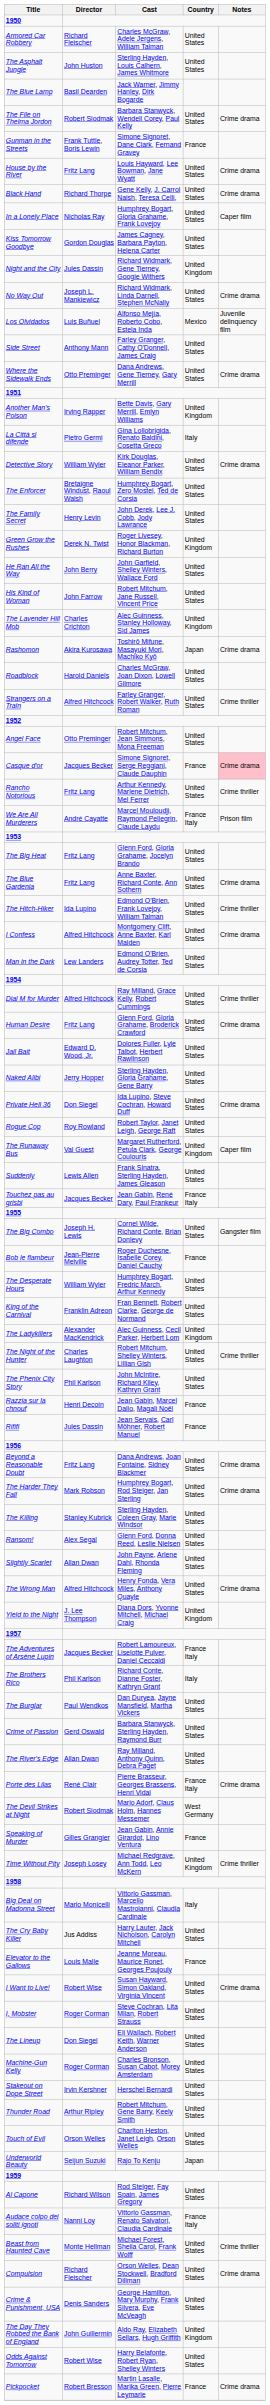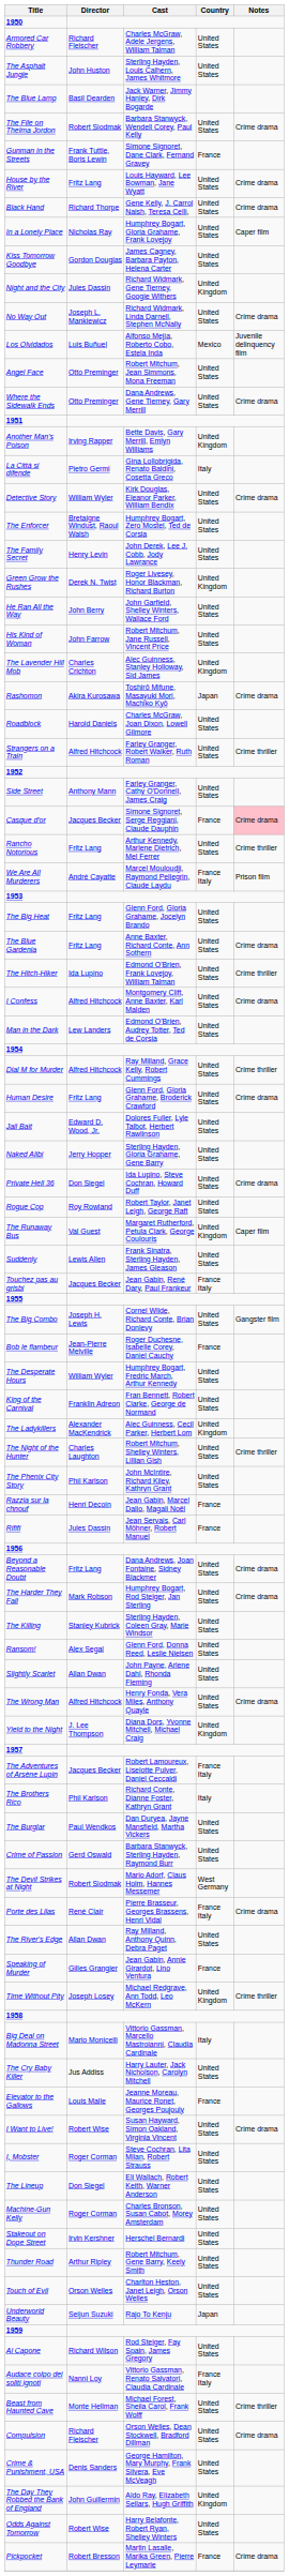 <table class="wikitable">
 <tr>
 <th>Title</th>
 <th>Director</th>
 <th>Cast</th>
 <th>Country</th>
 <th>Notes</th>
 </tr>
 <tr>
 <td><strong><a href='#'>1950</a></strong></td>
 </tr>
 <tr>
 <td><em><a href='#'>Armored Car Robbery</a></em></td>
 <td><a href='#'>Richard Fleischer</a></td>
 <td><a href='#'>Charles McGraw</a>, <a href='#'>Adele Jergens</a>, <a href='#'>William Talman</a></td>
 <td>United States</td>
 <td></td>
 </tr>
 <tr>
 <td><em><a href='#'>The Asphalt Jungle</a></em></td>
 <td><a href='#'>John Huston</a></td>
 <td><a href='#'>Sterling Hayden</a>, <a href='#'>Louis Calhern</a>, <a href='#'>James Whitmore</a></td>
 <td>United States</td>
 <td></td>
 </tr>
 <tr>
 <td><em><a href='#'>The Blue Lamp</a></em></td>
 <td><a href='#'>Basil Dearden</a></td>
 <td><a href='#'>Jack Warner</a>, <a href='#'>Jimmy Hanley</a>, <a href='#'>Dirk Bogarde</a></td>
 <td></td>
 <td></td>
 </tr>
 <tr>
 <td><em><a href='#'>The File on Thelma Jordon</a></em></td>
 <td><a href='#'>Robert Siodmak</a></td>
 <td><a href='#'>Barbara Stanwyck</a>, <a href='#'>Wendell Corey</a>, <a href='#'>Paul Kelly</a></td>
 <td>United States</td>
 <td>Crime drama</td>
 </tr>
 <tr>
 <td><em><a href='#'>Gunman in the Streets</a></em></td>
 <td><a href='#'>Frank Tuttle</a>, <a href='#'>Boris Lewin</a></td>
 <td><a href='#'>Simone Signoret</a>, <a href='#'>Dane Clark</a>, <a href='#'>Fernand Gravey</a></td>
 <td>France</td>
 <td></td>
 </tr>
 <tr>
 <td><em><a href='#'>House by the River</a></em></td>
 <td><a href='#'>Fritz Lang</a></td>
 <td><a href='#'>Louis Hayward</a>, <a href='#'>Lee Bowman</a>, <a href='#'>Jane Wyatt</a></td>
 <td>United States</td>
 <td>Crime drama</td>
 </tr>
 <tr>
 <td><em><a href='#'>Black Hand</a></em></td>
 <td><a href='#'>Richard Thorpe</a></td>
 <td><a href='#'>Gene Kelly</a>, <a href='#'>J. Carrol Naish</a>, <a href='#'>Teresa Celli</a>,</td>
 <td>United States</td>
 <td>Crime drama</td>
 </tr>
 <tr>
 <td><em><a href='#'>In a Lonely Place</a></em></td>
 <td><a href='#'>Nicholas Ray</a></td>
 <td><a href='#'>Humphrey Bogart</a>, <a href='#'>Gloria Grahame</a>, <a href='#'>Frank Lovejoy</a></td>
 <td>United States</td>
 <td>Caper film</td>
 </tr>
 <tr>
 <td><em><a href='#'>Kiss Tomorrow Goodbye</a></em></td>
 <td><a href='#'>Gordon Douglas</a></td>
 <td><a href='#'>James Cagney</a>, <a href='#'>Barbara Payton</a>, <a href='#'>Helena Carter</a></td>
 <td>United States</td>
 <td></td>
 </tr>
 <tr>
 <td><em><a href='#'>Night and the City</a></em></td>
 <td><a href='#'>Jules Dassin</a></td>
 <td><a href='#'>Richard Widmark</a>, <a href='#'>Gene Tierney</a>, <a href='#'>Googie Withers</a></td>
 <td>United Kingdom</td>
 <td></td>
 </tr>
 <tr>
 <td><em><a href='#'>No Way Out</a></em></td>
 <td><a href='#'>Joseph L. Mankiewicz</a></td>
 <td><a href='#'>Richard Widmark</a>, <a href='#'>Linda Darnell</a>, <a href='#'>Stephen McNally</a></td>
 <td>United States</td>
 <td>Crime drama</td>
 </tr>
 <tr>
 <td><em><a href='#'>Los Olvidados</a></em></td>
 <td><a href='#'>Luis Buñuel</a></td>
 <td><a href='#'>Alfonso Mejía</a>, <a href='#'>Roberto Cobo</a>, <a href='#'>Estela Inda</a></td>
 <td>Mexico</td>
 <td>Juvenile delinquency film</td>
 </tr>
 <tr>
-<td><em><a href='#'>Side Street</a></em></td>
-<td><a href='#'>Anthony Mann</a></td>
-<td><a href='#'>Farley Granger</a>, <a href='#'>Cathy O'Donnell</a>, <a href='#'>James Craig</a></td>
+<td><em><a href='#'>Angel Face</a></em></td>
+<td><a href='#'>Otto Preminger</a></td>
+<td><a href='#'>Robert Mitchum</a>, <a href='#'>Jean Simmons</a>, <a href='#'>Mona Freeman</a></td>
 <td>United States</td>
 <td></td>
 </tr>
 <tr>
 <td><em><a href='#'>Where the Sidewalk Ends</a></em></td>
 <td><a href='#'>Otto Preminger</a></td>
 <td><a href='#'>Dana Andrews</a>, <a href='#'>Gene Tierney</a>, <a href='#'>Gary Merrill</a></td>
 <td>United States</td>
 <td>Crime drama</td>
 </tr>
 <tr>
 <td><strong><a href='#'>1951</a></strong></td>
 </tr>
 <tr>
 <td><em><a href='#'>Another Man's Poison</a></em></td>
 <td><a href='#'>Irving Rapper</a></td>
 <td><a href='#'>Bette Davis</a>, <a href='#'>Gary Merrill</a>, <a href='#'>Emlyn Williams</a></td>
 <td>United Kingdom</td>
 <td></td>
 </tr>
 <tr>
 <td><em><a href='#'>La Città si difende</a></em></td>
 <td><a href='#'>Pietro Germi</a></td>
 <td><a href='#'>Gina Lollobrigida</a>, <a href='#'>Renato Baldini</a>, <a href='#'>Cosetta Greco</a></td>
 <td>Italy</td>
 <td></td>
 </tr>
 <tr>
 <td><em><a href='#'>Detective Story</a></em></td>
 <td><a href='#'>William Wyler</a></td>
 <td><a href='#'>Kirk Douglas</a>, <a href='#'>Eleanor Parker</a>, <a href='#'>William Bendix</a></td>
 <td>United States</td>
 <td>Crime drama</td>
 </tr>
 <tr>
 <td><em><a href='#'>The Enforcer</a></em></td>
 <td><a href='#'>Bretaigne Windust</a>, <a href='#'>Raoul Walsh</a></td>
 <td><a href='#'>Humphrey Bogart</a>, <a href='#'>Zero Mostel</a>, <a href='#'>Ted de Corsia</a></td>
 <td>United States</td>
 <td></td>
 </tr>
 <tr>
 <td><em><a href='#'>The Family Secret</a></em></td>
 <td><a href='#'>Henry Levin</a></td>
 <td><a href='#'>John Derek</a>, <a href='#'>Lee J. Cobb</a>, <a href='#'>Jody Lawrance</a></td>
 <td>United States</td>
 <td></td>
 </tr>
 <tr>
 <td><em><a href='#'>Green Grow the Rushes</a></em></td>
 <td><a href='#'>Derek N. Twist</a></td>
 <td><a href='#'>Roger Livesey</a>, <a href='#'>Honor Blackman</a>, <a href='#'>Richard Burton</a></td>
 <td>United Kingdom</td>
 <td></td>
 </tr>
 <tr>
 <td><em><a href='#'>He Ran All the Way</a></em></td>
 <td><a href='#'>John Berry</a></td>
 <td><a href='#'>John Garfield</a>, <a href='#'>Shelley Winters</a>, <a href='#'>Wallace Ford</a></td>
 <td>United States</td>
 <td></td>
 </tr>
 <tr>
 <td><em><a href='#'>His Kind of Woman</a></em></td>
 <td><a href='#'>John Farrow</a></td>
 <td><a href='#'>Robert Mitchum</a>, <a href='#'>Jane Russell</a>, <a href='#'>Vincent Price</a></td>
 <td>United States</td>
 <td></td>
 </tr>
 <tr>
 <td><em><a href='#'>The Lavender Hill Mob</a></em></td>
 <td><a href='#'>Charles Crichton</a></td>
 <td><a href='#'>Alec Guinness</a>, <a href='#'>Stanley Holloway</a>, <a href='#'>Sid James</a></td>
 <td>United Kingdom</td>
 <td></td>
 </tr>
 <tr>
 <td><em><a href='#'>Rashomon</a></em></td>
 <td><a href='#'>Akira Kurosawa</a></td>
 <td><a href='#'>Toshirō Mifune</a>, <a href='#'>Masayuki Mori</a>, <a href='#'>Machiko Kyō</a></td>
 <td>Japan</td>
 <td>Crime drama</td>
 </tr>
 <tr>
 <td><em><a href='#'>Roadblock</a></em></td>
 <td><a href='#'>Harold Daniels</a></td>
 <td><a href='#'>Charles McGraw</a>, <a href='#'>Joan Dixon</a>, <a href='#'>Lowell Gilmore</a></td>
 <td>United States</td>
 <td></td>
 </tr>
 <tr>
 <td><em><a href='#'>Strangers on a Train</a></em></td>
 <td><a href='#'>Alfred Hitchcock</a></td>
 <td><a href='#'>Farley Granger</a>, <a href='#'>Robert Walker</a>, <a href='#'>Ruth Roman</a></td>
 <td>United States</td>
 <td>Crime thriller</td>
 </tr>
 <tr>
 <td><strong><a href='#'>1952</a></strong></td>
 </tr>
 <tr>
-<td><em><a href='#'>Angel Face</a></em></td>
-<td><a href='#'>Otto Preminger</a></td>
-<td><a href='#'>Robert Mitchum</a>, <a href='#'>Jean Simmons</a>, <a href='#'>Mona Freeman</a></td>
+<td><em><a href='#'>Side Street</a></em></td>
+<td><a href='#'>Anthony Mann</a></td>
+<td><a href='#'>Farley Granger</a>, <a href='#'>Cathy O'Donnell</a>, <a href='#'>James Craig</a></td>
 <td>United States</td>
 <td></td>
 </tr>
 <tr>
 <td><em><a href='#'>Casque d'or</a></em></td>
 <td><a href='#'>Jacques Becker</a></td>
 <td><a href='#'>Simone Signoret</a>, <a href='#'>Serge Reggiani</a>, <a href='#'>Claude Dauphin</a></td>
 <td>France</td>
 <td style="background: pink;">Crime drama</td>
 </tr>
 <tr>
 <td><em><a href='#'>Rancho Notorious</a></em></td>
 <td><a href='#'>Fritz Lang</a></td>
 <td><a href='#'>Arthur Kennedy</a>, <a href='#'>Marlene Dietrich</a>, <a href='#'>Mel Ferrer</a></td>
 <td>United States</td>
 <td>Crime thriller</td>
 </tr>
 <tr>
 <td><em><a href='#'>We Are All Murderers</a></em></td>
 <td><a href='#'>André Cayatte</a></td>
 <td><a href='#'>Marcel Mouloudji</a>, <a href='#'>Raymond Pellegrin</a>, <a href='#'>Claude Laydu</a></td>
 <td>France<br>Italy</td>
 <td>Prison film</td>
 </tr>
 <tr>
 <td><strong><a href='#'>1953</a></strong></td>
 </tr>
 <tr>
 <td><em><a href='#'>The Big Heat</a></em></td>
 <td><a href='#'>Fritz Lang</a></td>
 <td><a href='#'>Glenn Ford</a>, <a href='#'>Gloria Grahame</a>, <a href='#'>Jocelyn Brando</a></td>
 <td>United States</td>
 <td></td>
 </tr>
 <tr>
 <td><em><a href='#'>The Blue Gardenia</a></em></td>
 <td><a href='#'>Fritz Lang</a></td>
 <td><a href='#'>Anne Baxter</a>, <a href='#'>Richard Conte</a>, <a href='#'>Ann Sothern</a></td>
 <td>United States</td>
 <td>Crime drama</td>
 </tr>
 <tr>
 <td><em><a href='#'>The Hitch-Hiker</a></em></td>
 <td><a href='#'>Ida Lupino</a></td>
 <td><a href='#'>Edmond O'Brien</a>, <a href='#'>Frank Lovejoy</a>, <a href='#'>William Talman</a></td>
 <td>United States</td>
 <td>Crime thriller</td>
 </tr>
 <tr>
 <td><em><a href='#'>I Confess</a></em></td>
 <td><a href='#'>Alfred Hitchcock</a></td>
 <td><a href='#'>Montgomery Clift</a>, <a href='#'>Anne Baxter</a>, <a href='#'>Karl Malden</a></td>
 <td>United States</td>
 <td>Crime drama</td>
 </tr>
 <tr>
 <td><em><a href='#'>Man in the Dark</a></em></td>
 <td><a href='#'>Lew Landers</a></td>
 <td><a href='#'>Edmond O'Brien</a>, <a href='#'>Audrey Totter</a>, <a href='#'>Ted de Corsia</a></td>
 <td>United States</td>
 <td></td>
 </tr>
 <tr>
 <td><strong><a href='#'>1954</a></strong></td>
 </tr>
 <tr>
 <td><em><a href='#'>Dial M for Murder</a></em></td>
 <td><a href='#'>Alfred Hitchcock</a></td>
 <td><a href='#'>Ray Milland</a>, <a href='#'>Grace Kelly</a>, <a href='#'>Robert Cummings</a></td>
 <td>United States</td>
 <td>Crime thriller</td>
 </tr>
 <tr>
 <td><em><a href='#'>Human Desire</a></em></td>
 <td><a href='#'>Fritz Lang</a></td>
 <td><a href='#'>Glenn Ford</a>, <a href='#'>Gloria Grahame</a>, <a href='#'>Broderick Crawford</a></td>
 <td>United States</td>
 <td>Crime drama</td>
 </tr>
 <tr>
 <td><em><a href='#'>Jail Bait</a></em></td>
 <td><a href='#'>Edward D. Wood, Jr.</a></td>
 <td><a href='#'>Dolores Fuller</a>, <a href='#'>Lyle Talbot</a>, <a href='#'>Herbert Rawlinson</a></td>
 <td>United States</td>
 <td></td>
 </tr>
 <tr>
 <td><em><a href='#'>Naked Alibi</a></em></td>
 <td><a href='#'>Jerry Hopper</a></td>
 <td><a href='#'>Sterling Hayden</a>, <a href='#'>Gloria Grahame</a>, <a href='#'>Gene Barry</a></td>
 <td>United States</td>
 <td></td>
 </tr>
 <tr>
 <td><em><a href='#'>Private Hell 36</a></em></td>
 <td><a href='#'>Don Siegel</a></td>
 <td><a href='#'>Ida Lupino</a>, <a href='#'>Steve Cochran</a>, <a href='#'>Howard Duff</a></td>
 <td>United States</td>
 <td>Crime drama</td>
 </tr>
 <tr>
 <td><em><a href='#'>Rogue Cop</a></em></td>
 <td><a href='#'>Roy Rowland</a></td>
 <td><a href='#'>Robert Taylor</a>, <a href='#'>Janet Leigh</a>, <a href='#'>George Raft</a></td>
 <td>United States</td>
 <td></td>
 </tr>
 <tr>
 <td><em><a href='#'>The Runaway Bus</a></em></td>
 <td><a href='#'>Val Guest</a></td>
 <td><a href='#'>Margaret Rutherford</a>, <a href='#'>Petula Clark</a>, <a href='#'>George Coulouris</a></td>
 <td>United Kingdom</td>
 <td>Caper film</td>
 </tr>
 <tr>
 <td><em><a href='#'>Suddenly</a></em></td>
 <td><a href='#'>Lewis Allen</a></td>
 <td><a href='#'>Frank Sinatra</a>, <a href='#'>Sterling Hayden</a>, <a href='#'>James Gleason</a></td>
 <td>United States</td>
 <td></td>
 </tr>
 <tr>
 <td><em><a href='#'>Touchez pas au grisbi</a></em></td>
 <td><a href='#'>Jacques Becker</a></td>
 <td><a href='#'>Jean Gabin</a>, <a href='#'>René Dary</a>, <a href='#'>Paul Frankeur</a></td>
 <td>France<br>Italy</td>
 <td></td>
 </tr>
 <tr>
 <td><strong><a href='#'>1955</a></strong></td>
 </tr>
 <tr>
 <td><em><a href='#'>The Big Combo</a></em></td>
 <td><a href='#'>Joseph H. Lewis</a></td>
 <td><a href='#'>Cornel Wilde</a>, <a href='#'>Richard Conte</a>, <a href='#'>Brian Donlevy</a></td>
 <td>United States</td>
 <td>Gangster film</td>
 </tr>
 <tr>
 <td><em><a href='#'>Bob le flambeur</a></em></td>
 <td><a href='#'>Jean-Pierre Melville</a></td>
 <td><a href='#'>Roger Duchesne</a>, <a href='#'>Isabelle Corey</a>, <a href='#'>Daniel Cauchy</a></td>
 <td>France</td>
 <td></td>
 </tr>
 <tr>
 <td><em><a href='#'>The Desperate Hours</a></em></td>
 <td><a href='#'>William Wyler</a></td>
 <td><a href='#'>Humphrey Bogart</a>, <a href='#'>Fredric March</a>, <a href='#'>Arthur Kennedy</a></td>
 <td>United States</td>
 <td></td>
 </tr>
 <tr>
 <td><em><a href='#'>King of the Carnival</a></em></td>
 <td><a href='#'>Franklin Adreon</a></td>
 <td><a href='#'>Fran Bennett</a>, <a href='#'>Robert Clarke</a>, <a href='#'>George de Normand</a></td>
 <td>United States</td>
 <td></td>
 </tr>
 <tr>
 <td><em><a href='#'>The Ladykillers</a></em></td>
 <td><a href='#'>Alexander MacKendrick</a></td>
 <td><a href='#'>Alec Guinness</a>, <a href='#'>Cecil Parker</a>, <a href='#'>Herbert Lom</a></td>
 <td>United Kingdom</td>
 <td></td>
 </tr>
 <tr>
 <td><em><a href='#'>The Night of the Hunter</a></em></td>
 <td><a href='#'>Charles Laughton</a></td>
 <td><a href='#'>Robert Mitchum</a>, <a href='#'>Shelley Winters</a>, <a href='#'>Lillian Gish</a></td>
 <td>United States</td>
 <td>Crime thriller</td>
 </tr>
 <tr>
 <td><em><a href='#'>The Phenix City Story</a></em></td>
 <td><a href='#'>Phil Karlson</a></td>
 <td><a href='#'>John McIntire</a>, <a href='#'>Richard Kiley</a>, <a href='#'>Kathryn Grant</a></td>
 <td>United States</td>
 <td></td>
 </tr>
 <tr>
 <td><em><a href='#'>Razzia sur la chnouf</a></em></td>
 <td><a href='#'>Henri Decoin</a></td>
 <td><a href='#'>Jean Gabin</a>, <a href='#'>Marcel Dalio</a>, <a href='#'>Magali Noël</a></td>
 <td>France</td>
 <td></td>
 </tr>
 <tr>
 <td><em><a href='#'>Rififi</a></em></td>
 <td><a href='#'>Jules Dassin</a></td>
 <td><a href='#'>Jean Servais</a>, <a href='#'>Carl Möhner</a>, <a href='#'>Robert Manuel</a></td>
 <td>France</td>
 <td></td>
 </tr>
 <tr>
 <td><strong><a href='#'>1956</a></strong></td>
 </tr>
 <tr>
 <td><em><a href='#'>Beyond a Reasonable Doubt</a></em></td>
 <td><a href='#'>Fritz Lang</a></td>
 <td><a href='#'>Dana Andrews</a>, <a href='#'>Joan Fontaine</a>, <a href='#'>Sidney Blackmer</a></td>
 <td>United States</td>
 <td>Crime drama</td>
 </tr>
 <tr>
 <td><em><a href='#'>The Harder They Fall</a></em></td>
 <td><a href='#'>Mark Robson</a></td>
 <td><a href='#'>Humphrey Bogart</a>, <a href='#'>Rod Steiger</a>, <a href='#'>Jan Sterling</a></td>
 <td>United States</td>
 <td>Crime drama</td>
 </tr>
 <tr>
 <td><em><a href='#'>The Killing</a></em></td>
 <td><a href='#'>Stanley Kubrick</a></td>
 <td><a href='#'>Sterling Hayden</a>, <a href='#'>Coleen Gray</a>, <a href='#'>Marie Windsor</a></td>
 <td>United States</td>
 <td></td>
 </tr>
 <tr>
 <td><em><a href='#'>Ransom!</a></em></td>
 <td><a href='#'>Alex Segal</a></td>
 <td><a href='#'>Glenn Ford</a>, <a href='#'>Donna Reed</a>, <a href='#'>Leslie Nielsen</a></td>
 <td>United States</td>
 <td></td>
 </tr>
 <tr>
 <td><em><a href='#'>Slightly Scarlet</a></em></td>
 <td><a href='#'>Allan Dwan</a></td>
 <td><a href='#'>John Payne</a>, <a href='#'>Arlene Dahl</a>, <a href='#'>Rhonda Fleming</a></td>
 <td>United States</td>
 <td></td>
 </tr>
 <tr>
 <td><em><a href='#'>The Wrong Man</a></em></td>
 <td><a href='#'>Alfred Hitchcock</a></td>
 <td><a href='#'>Henry Fonda</a>, <a href='#'>Vera Miles</a>, <a href='#'>Anthony Quayle</a></td>
 <td>United States</td>
 <td>Crime drama</td>
 </tr>
 <tr>
 <td><em><a href='#'>Yield to the Night</a></em></td>
 <td><a href='#'>J. Lee Thompson</a></td>
 <td><a href='#'>Diana Dors</a>, <a href='#'>Yvonne Mitchell</a>, <a href='#'>Michael Craig</a></td>
 <td>United Kingdom</td>
 <td></td>
 </tr>
 <tr>
 <td><strong><a href='#'>1957</a></strong></td>
 </tr>
 <tr>
 <td><em><a href='#'>The Adventures of Arsène Lupin</a></em></td>
 <td><a href='#'>Jacques Becker</a></td>
 <td><a href='#'>Robert Lamoureux</a>, <a href='#'>Liselotte Pulver</a>, <a href='#'>Daniel Ceccaldi</a></td>
 <td>France<br>Italy</td>
 <td></td>
 </tr>
 <tr>
 <td><em><a href='#'>The Brothers Rico</a></em></td>
 <td><a href='#'>Phil Karlson</a></td>
 <td><a href='#'>Richard Conte</a>, <a href='#'>Dianne Foster</a>, <a href='#'>Kathryn Grant</a></td>
 <td>Italy</td>
 <td></td>
 </tr>
 <tr>
 <td><em><a href='#'>The Burglar</a></em></td>
 <td><a href='#'>Paul Wendkos</a></td>
 <td><a href='#'>Dan Duryea</a>, <a href='#'>Jayne Mansfield</a>, <a href='#'>Martha Vickers</a></td>
 <td>United States</td>
 <td></td>
 </tr>
 <tr>
 <td><em><a href='#'>Crime of Passion</a></em></td>
 <td><a href='#'>Gerd Oswald</a></td>
 <td><a href='#'>Barbara Stanwyck</a>, <a href='#'>Sterling Hayden</a>, <a href='#'>Raymond Burr</a></td>
 <td>United States</td>
 <td></td>
 </tr>
 <tr>
-<td><em><a href='#'>The River's Edge</a></em></td>
-<td><a href='#'>Allan Dwan</a></td>
-<td><a href='#'>Ray Milland</a>, <a href='#'>Anthony Quinn</a>, <a href='#'>Debra Paget</a></td>
-<td>United States</td>
+<td><em><a href='#'>The Devil Strikes at Night</a></em></td>
+<td><a href='#'>Robert Siodmak</a></td>
+<td><a href='#'>Mario Adorf</a>, <a href='#'>Claus Holm</a>, <a href='#'>Hannes Messemer</a></td>
+<td>West Germany</td>
 <td></td>
 </tr>
 <tr>
 <td><em><a href='#'>Porte des Lilas</a></em></td>
 <td><a href='#'>René Clair</a></td>
 <td><a href='#'>Pierre Brasseur</a>, <a href='#'>Georges Brassens</a>, <a href='#'>Henri Vidal</a></td>
 <td>France<br>Italy</td>
 <td>Crime drama</td>
 </tr>
 <tr>
-<td><em><a href='#'>The Devil Strikes at Night</a></em></td>
-<td><a href='#'>Robert Siodmak</a></td>
-<td><a href='#'>Mario Adorf</a>, <a href='#'>Claus Holm</a>, <a href='#'>Hannes Messemer</a></td>
-<td>West Germany</td>
+<td><em><a href='#'>The River's Edge</a></em></td>
+<td><a href='#'>Allan Dwan</a></td>
+<td><a href='#'>Ray Milland</a>, <a href='#'>Anthony Quinn</a>, <a href='#'>Debra Paget</a></td>
+<td>United States</td>
 <td></td>
 </tr>
 <tr>
 <td><em><a href='#'>Speaking of Murder</a></em></td>
 <td><a href='#'>Gilles Grangier</a></td>
 <td><a href='#'>Jean Gabin</a>, <a href='#'>Annie Girardot</a>, <a href='#'>Lino Ventura</a></td>
 <td>France</td>
 <td></td>
 </tr>
 <tr>
 <td><em><a href='#'>Time Without Pity</a></em></td>
 <td><a href='#'>Joseph Losey</a></td>
 <td><a href='#'>Michael Redgrave</a>, <a href='#'>Ann Todd</a>, <a href='#'>Leo McKern</a></td>
 <td>United Kingdom</td>
 <td>Crime thriller</td>
 </tr>
 <tr>
 <td><strong><a href='#'>1958</a></strong></td>
 </tr>
 <tr>
 <td><em><a href='#'>Big Deal on Madonna Street</a></em></td>
 <td><a href='#'>Mario Monicelli</a></td>
 <td><a href='#'>Vittorio Gassman</a>, <a href='#'>Marcello Mastroianni</a>, <a href='#'>Claudia Cardinale</a></td>
 <td>Italy</td>
 <td></td>
 </tr>
 <tr>
 <td><em><a href='#'>The Cry Baby Killer</a></em></td>
 <td>Jus Addiss</td>
 <td><a href='#'>Harry Lauter</a>, <a href='#'>Jack Nicholson</a>, <a href='#'>Carolyn Mitchell</a></td>
 <td>United States</td>
 <td></td>
 </tr>
 <tr>
 <td><em><a href='#'>Elevator to the Gallows</a></em></td>
 <td><a href='#'>Louis Malle</a></td>
 <td><a href='#'>Jeanne Moreau</a>, <a href='#'>Maurice Ronet</a>, <a href='#'>Georges Poujouly</a></td>
 <td>France</td>
 <td></td>
 </tr>
 <tr>
 <td><em><a href='#'>I Want to Live!</a></em></td>
 <td><a href='#'>Robert Wise</a></td>
 <td><a href='#'>Susan Hayward</a>, <a href='#'>Simon Oakland</a>, <a href='#'>Virginia Vincent</a></td>
 <td>United States</td>
 <td>Crime drama</td>
 </tr>
 <tr>
 <td><em><a href='#'>I, Mobster</a></em></td>
 <td><a href='#'>Roger Corman</a></td>
 <td><a href='#'>Steve Cochran</a>, <a href='#'>Lita Milan</a>, <a href='#'>Robert Strauss</a></td>
 <td>United States</td>
 <td></td>
 </tr>
 <tr>
 <td><em><a href='#'>The Lineup</a></em></td>
 <td><a href='#'>Don Siegel</a></td>
 <td><a href='#'>Eli Wallach</a>, <a href='#'>Robert Keith</a>, <a href='#'>Warner Anderson</a></td>
 <td>United States</td>
 <td></td>
 </tr>
 <tr>
 <td><em><a href='#'>Machine-Gun Kelly</a></em></td>
 <td><a href='#'>Roger Corman</a></td>
 <td><a href='#'>Charles Bronson</a>, <a href='#'>Susan Cabot</a>, <a href='#'>Morey Amsterdam</a></td>
 <td>United States</td>
 <td></td>
 </tr>
 <tr>
 <td><em><a href='#'>Stakeout on Dope Street</a></em></td>
 <td><a href='#'>Irvin Kershner</a></td>
 <td><a href='#'>Herschel Bernardi</a></td>
 <td>United States</td>
 <td></td>
 </tr>
 <tr>
 <td><em><a href='#'>Thunder Road</a></em></td>
 <td><a href='#'>Arthur Ripley</a></td>
 <td><a href='#'>Robert Mitchum</a>, <a href='#'>Gene Barry</a>, <a href='#'>Keely Smith</a></td>
 <td>United States</td>
 <td></td>
 </tr>
 <tr>
 <td><em><a href='#'>Touch of Evil</a></em></td>
 <td><a href='#'>Orson Welles</a></td>
 <td><a href='#'>Charlton Heston</a>, <a href='#'>Janet Leigh</a>, <a href='#'>Orson Welles</a></td>
 <td>United States</td>
 <td></td>
 </tr>
 <tr>
 <td><em><a href='#'>Underworld Beauty</a></em></td>
 <td><a href='#'>Seijun Suzuki</a></td>
 <td><a href='#'>Rajo To Kenju</a></td>
 <td>Japan</td>
 <td></td>
 </tr>
 <tr>
 <td><strong><a href='#'>1959</a></strong></td>
 </tr>
 <tr>
 <td><em><a href='#'>Al Capone</a></em></td>
 <td><a href='#'>Richard Wilson</a></td>
 <td><a href='#'>Rod Steiger</a>, <a href='#'>Fay Spain</a>, <a href='#'>James Gregory</a></td>
 <td>United States</td>
 <td></td>
 </tr>
 <tr>
 <td><em><a href='#'>Audace colpo dei soliti ignoti</a></em></td>
 <td><a href='#'>Nanni Loy</a></td>
 <td><a href='#'>Vittorio Gassman</a>, <a href='#'>Renato Salvatori</a>, <a href='#'>Claudia Cardinale</a></td>
 <td>France<br>Italy</td>
 <td></td>
 </tr>
 <tr>
 <td><em><a href='#'>Beast from Haunted Cave</a></em></td>
 <td><a href='#'>Monte Hellman</a></td>
 <td><a href='#'>Michael Forest</a>, <a href='#'>Sheila Carol</a>, <a href='#'>Frank Wolff</a></td>
 <td>United States</td>
 <td>Crime thriller</td>
 </tr>
 <tr>
 <td><em><a href='#'>Compulsion</a></em></td>
 <td><a href='#'>Richard Fleischer</a></td>
 <td><a href='#'>Orson Welles</a>, <a href='#'>Dean Stockwell</a>, <a href='#'>Bradford Dillman</a></td>
 <td>United States</td>
 <td>Crime drama</td>
 </tr>
 <tr>
 <td><em><a href='#'>Crime & Punishment, USA</a></em></td>
 <td><a href='#'>Denis Sanders</a></td>
 <td><a href='#'>George Hamilton</a>, <a href='#'>Mary Murphy</a>, <a href='#'>Frank Silvera</a>, <a href='#'>Eve McVeagh</a></td>
 <td>United States</td>
 <td></td>
 </tr>
 <tr>
 <td><em><a href='#'>The Day They Robbed the Bank of England</a></em></td>
 <td><a href='#'>John Guillermin</a></td>
 <td><a href='#'>Aldo Ray</a>, <a href='#'>Elizabeth Sellars</a>, <a href='#'>Hugh Griffith</a></td>
 <td>United Kingdom</td>
 <td></td>
 </tr>
 <tr>
 <td><em><a href='#'>Odds Against Tomorrow</a></em></td>
 <td><a href='#'>Robert Wise</a></td>
 <td><a href='#'>Harry Belafonte</a>, <a href='#'>Robert Ryan</a>, <a href='#'>Shelley Winters</a></td>
 <td>United States</td>
 <td></td>
 </tr>
 <tr>
 <td><em><a href='#'>Pickpocket</a></em></td>
 <td><a href='#'>Robert Bresson</a></td>
 <td><a href='#'>Martin Lasalle</a>, <a href='#'>Marika Green</a>, <a href='#'>Pierre Leymarie</a></td>
 <td>France</td>
 <td>Crime drama</td>
 </tr>
 <tr>
 </tr>
 </table>
